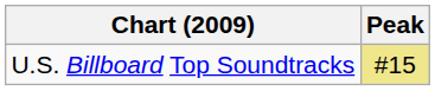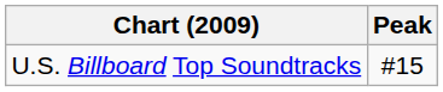 <table class="wikitable floatright">
 <tr>
 <th>Chart (2009)</th>
 <th>Peak</th>
 </tr>
 <tr>
 <td>U.S. <em><a href='#'>Billboard</a></em> <a href='#'>Top Soundtracks</a></td>
-<td align="center" style="background: khaki;">#15</td>
+<td align="center">#15</td>
 </tr>
 </table>
